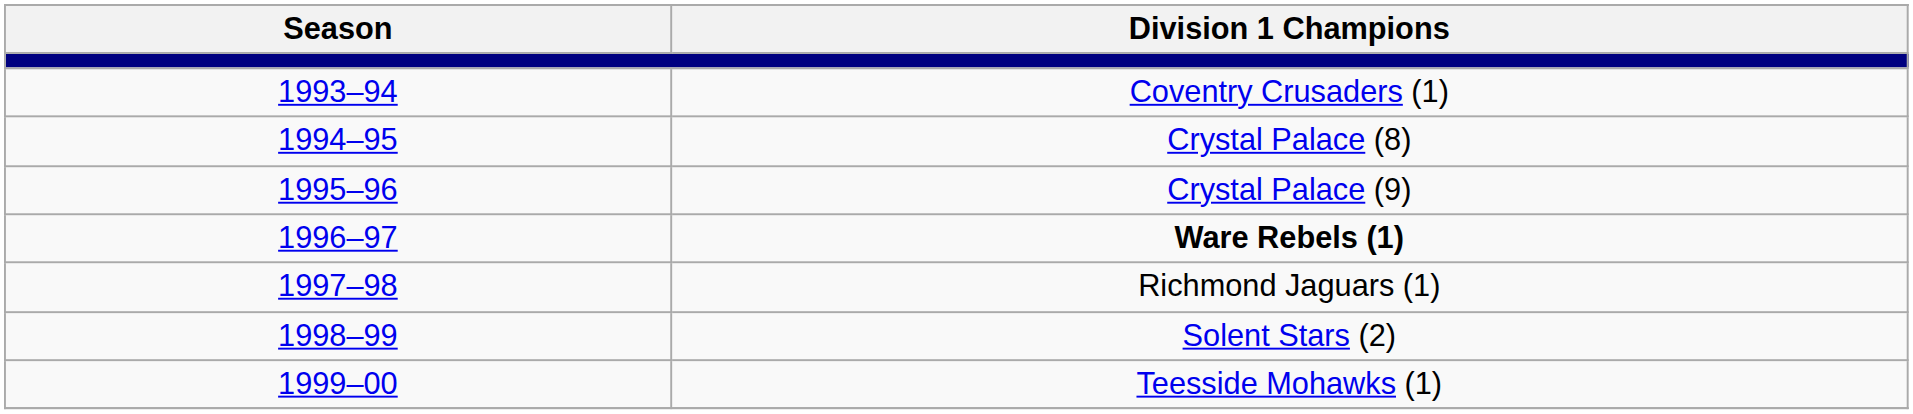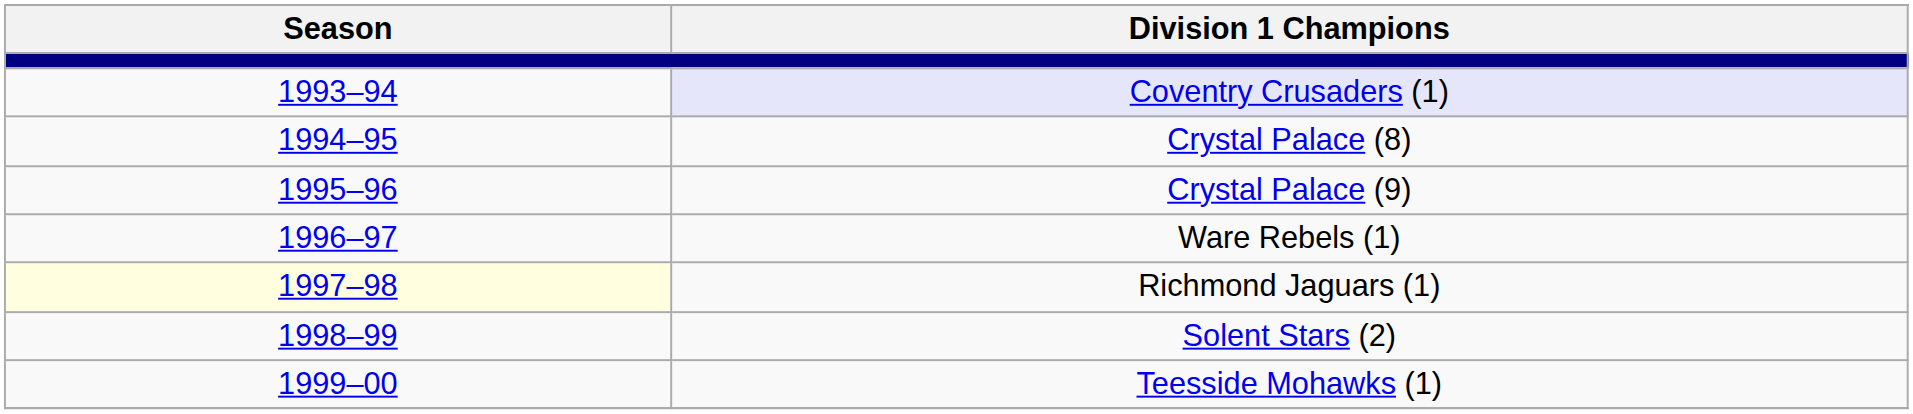 <table class="wikitable" style="text-align:center;font-size:100%;width: 50%">
 <tr bgcolor="#efefef">
 </tr>
 <tr>
 <th width=35%>Season</th>
 <th width=65%>Division 1 Champions</th>
 </tr>
 <tr>
 <td colspan="7" align=center bgcolor="navy"></td>
 </tr>
 <tr>
 <td><a href='#'>1993–94</a></td>
-<td><a href='#'>Coventry Crusaders</a> (1)</td>
+<td style="background: lavender;"><a href='#'>Coventry Crusaders</a> (1)</td>
 </tr>
 <tr>
 <td><a href='#'>1994–95</a></td>
 <td><a href='#'>Crystal Palace</a> (8)</td>
 </tr>
 <tr>
 <td><a href='#'>1995–96</a></td>
 <td><a href='#'>Crystal Palace</a> (9)</td>
 </tr>
 <tr>
 <td><a href='#'>1996–97</a></td>
-<td><strong>Ware Rebels (1)</strong></td>
+<td>Ware Rebels (1)</td>
 </tr>
 <tr>
-<td><a href='#'>1997–98</a></td>
+<td style="background: lightyellow;"><a href='#'>1997–98</a></td>
 <td>Richmond Jaguars (1)</td>
 </tr>
 <tr>
 <td><a href='#'>1998–99</a></td>
 <td><a href='#'>Solent Stars</a> (2)</td>
 </tr>
 <tr>
 <td><a href='#'>1999–00</a></td>
 <td><a href='#'>Teesside Mohawks</a> (1)</td>
 </tr>
 <tr>
 </tr>
 </table>
